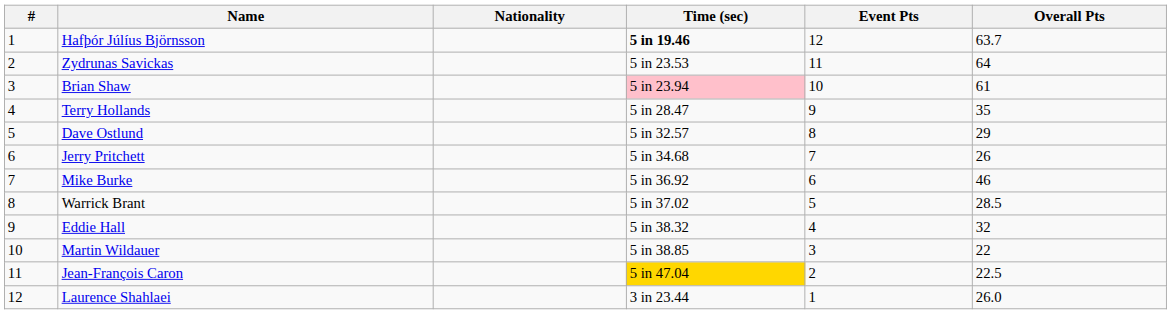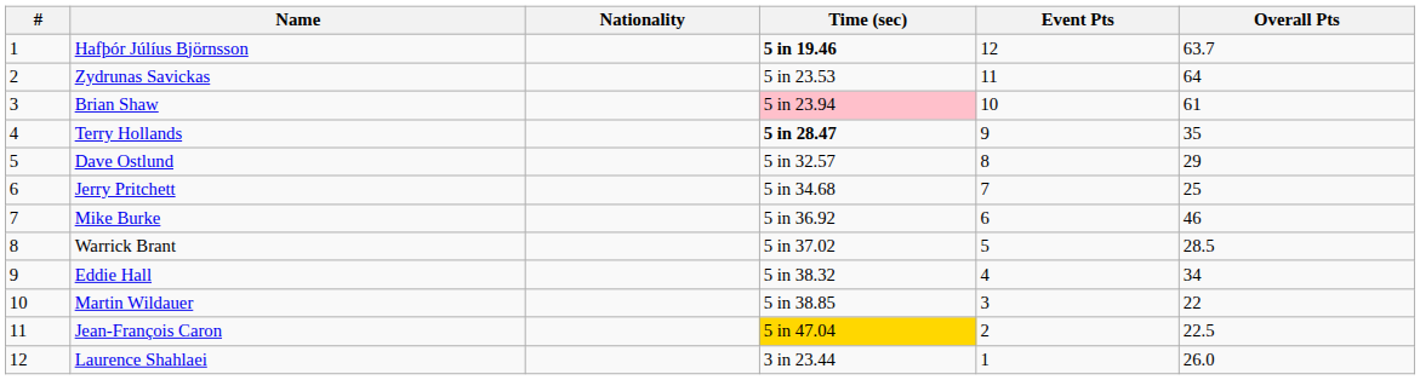 <table class="wikitable sortable" style="display: inline-table; width: 100%;">
 <tr>
 <th>#</th>
 <th>Name</th>
 <th>Nationality</th>
 <th>Time (sec)</th>
 <th>Event Pts</th>
 <th>Overall Pts</th>
 </tr>
 <tr>
 <td>1</td>
 <td><a href='#'>Hafþór Júlíus Björnsson</a></td>
 <td></td>
 <td><strong>5 in 19.46</strong></td>
 <td>12</td>
 <td>63.7</td>
 </tr>
 <tr>
 <td>2</td>
 <td><a href='#'>Zydrunas Savickas</a></td>
 <td></td>
 <td>5 in 23.53</td>
 <td>11</td>
 <td>64</td>
 </tr>
 <tr>
 <td>3</td>
 <td><a href='#'>Brian Shaw</a></td>
 <td></td>
 <td style="background: pink;">5 in 23.94</td>
 <td>10</td>
 <td>61</td>
 </tr>
 <tr>
 <td>4</td>
 <td><a href='#'>Terry Hollands</a></td>
 <td></td>
-<td>5 in 28.47</td>
+<td><strong>5 in 28.47</strong></td>
 <td>9</td>
 <td>35</td>
 </tr>
 <tr>
 <td>5</td>
 <td><a href='#'>Dave Ostlund</a></td>
 <td></td>
 <td>5 in 32.57</td>
 <td>8</td>
 <td>29</td>
 </tr>
 <tr>
 <td>6</td>
 <td><a href='#'>Jerry Pritchett</a></td>
 <td></td>
 <td>5 in 34.68</td>
 <td>7</td>
-<td>26</td>
+<td>25</td>
 </tr>
 <tr>
 <td>7</td>
 <td><a href='#'>Mike Burke</a></td>
 <td></td>
 <td>5 in 36.92</td>
 <td>6</td>
 <td>46</td>
 </tr>
 <tr>
 <td>8</td>
 <td>Warrick Brant</td>
 <td></td>
 <td>5 in 37.02</td>
 <td>5</td>
 <td>28.5</td>
 </tr>
 <tr>
 <td>9</td>
 <td><a href='#'>Eddie Hall</a></td>
 <td></td>
 <td>5 in 38.32</td>
 <td>4</td>
-<td>32</td>
+<td>34</td>
 </tr>
 <tr>
 <td>10</td>
 <td><a href='#'>Martin Wildauer</a></td>
 <td></td>
 <td>5 in 38.85</td>
 <td>3</td>
 <td>22</td>
 </tr>
 <tr>
 <td>11</td>
 <td><a href='#'>Jean-François Caron</a></td>
 <td></td>
 <td style="background: gold;">5 in 47.04</td>
 <td>2</td>
 <td>22.5</td>
 </tr>
 <tr>
 <td>12</td>
 <td><a href='#'>Laurence Shahlaei</a></td>
 <td></td>
 <td>3 in 23.44</td>
 <td>1</td>
 <td>26.0</td>
 </tr>
 </table>
